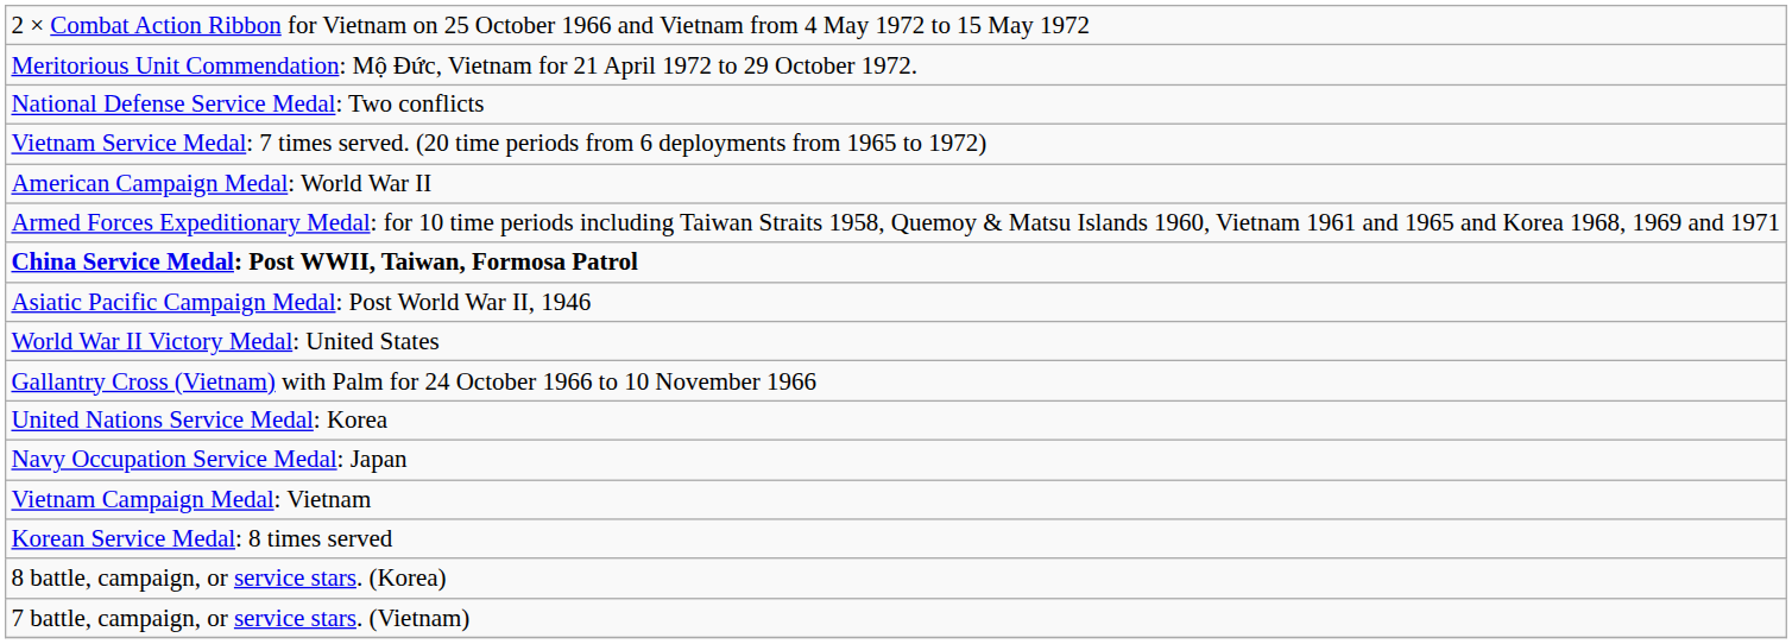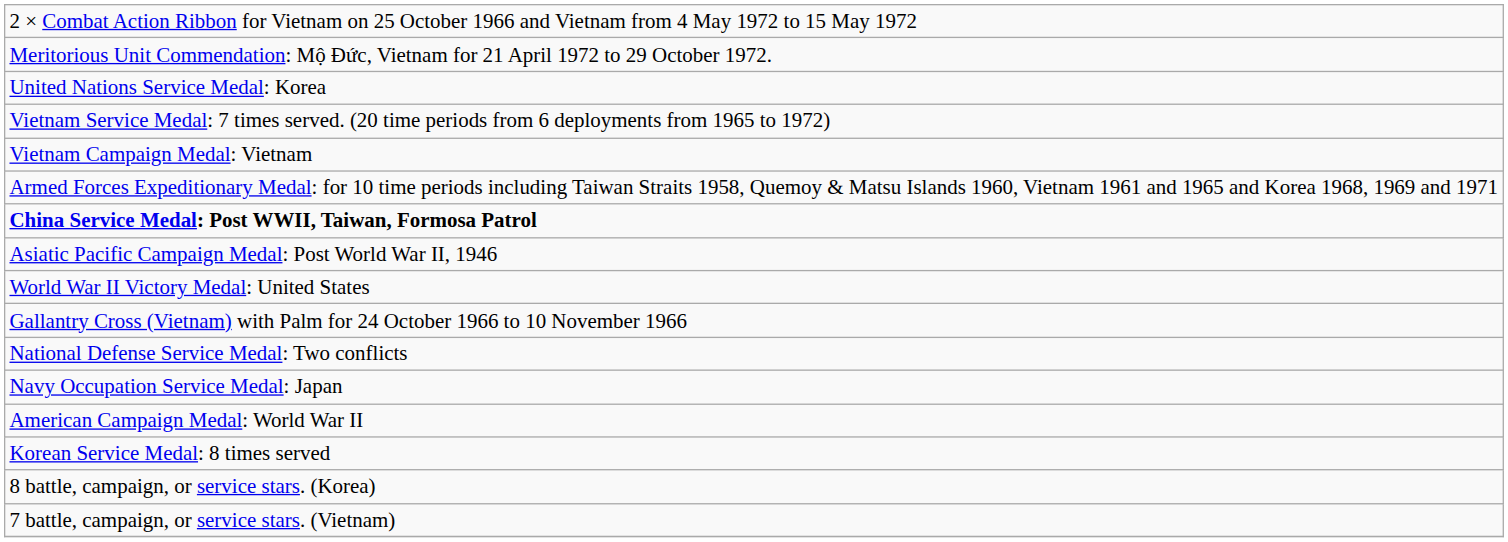 <table class="wikitable">
 <tr>
 <td> 2 × <a href='#'>Combat Action Ribbon</a> for Vietnam on 25 October 1966 and Vietnam from 4 May 1972 to 15 May 1972 </td>
 </tr>
 <tr>
 <td> <a href='#'>Meritorious Unit Commendation</a>: Mộ Đức, Vietnam for 21 April 1972 to 29 October 1972.</td>
 </tr>
 <tr>
-<td> <a href='#'>National Defense Service Medal</a>: Two conflicts</td>
+<td> <a href='#'>United Nations Service Medal</a>: Korea</td>
 </tr>
 <tr>
 <td> <a href='#'>Vietnam Service Medal</a>: 7 times served. (20 time periods from 6 deployments from 1965 to 1972)</td>
 </tr>
 <tr>
-<td> <a href='#'>American Campaign Medal</a>: World War II</td>
+<td> <a href='#'>Vietnam Campaign Medal</a>: Vietnam</td>
 </tr>
 <tr>
 <td> <a href='#'>Armed Forces Expeditionary Medal</a>: for 10 time periods including Taiwan Straits 1958, Quemoy & Matsu Islands 1960, Vietnam 1961 and 1965 and Korea 1968, 1969 and 1971</td>
 </tr>
 <tr>
 <td><strong> <a href='#'>China Service Medal</a>: Post WWII, Taiwan, Formosa Patrol</strong></td>
 </tr>
 <tr>
 <td> <a href='#'>Asiatic Pacific Campaign Medal</a>: Post World War II, 1946</td>
 </tr>
 <tr>
 <td> <a href='#'>World War II Victory Medal</a>: United States</td>
 </tr>
 <tr>
 <td> <a href='#'>Gallantry Cross (Vietnam)</a> with Palm for 24 October 1966 to 10 November 1966</td>
 </tr>
 <tr>
-<td> <a href='#'>United Nations Service Medal</a>: Korea</td>
+<td> <a href='#'>National Defense Service Medal</a>: Two conflicts</td>
 </tr>
 <tr>
 <td> <a href='#'>Navy Occupation Service Medal</a>: Japan</td>
 </tr>
 <tr>
-<td> <a href='#'>Vietnam Campaign Medal</a>: Vietnam</td>
+<td> <a href='#'>American Campaign Medal</a>: World War II</td>
 </tr>
 <tr>
 <td> <a href='#'>Korean Service Medal</a>: 8 times served</td>
 </tr>
 <tr>
 <td> 8 battle, campaign, or <a href='#'>service stars</a>.  (Korea)</td>
 </tr>
 <tr>
 <td> 7 battle, campaign, or <a href='#'>service stars</a>.  (Vietnam)</td>
 </tr>
 <tr>
 </tr>
 </table>
